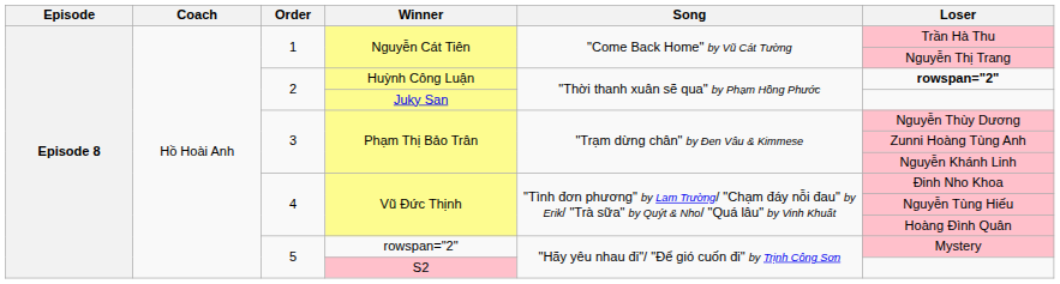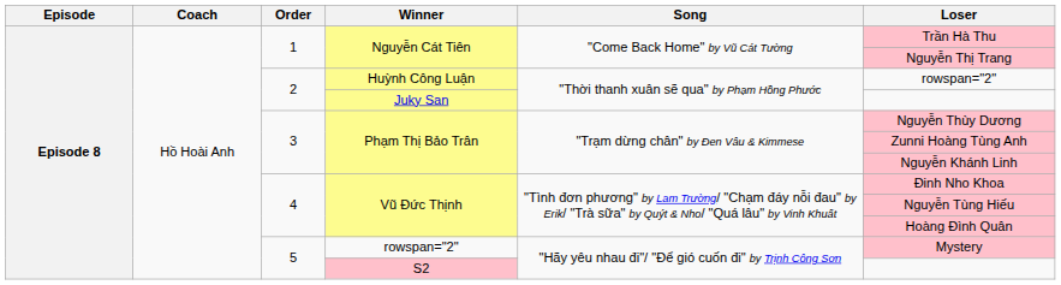 <table class="wikitable" style="text-align: center; width:80%;">
 <tr>
 <th style="width:10%;">Episode</th>
 <th style="width:10%;">Coach</th>
 <th style="width:05%;">Order</th>
 <th style="width:15%;">Winner</th>
 <th style="width:27%;">Song</th>
 <th style="width:15%;">Loser</th>
 </tr>
 <tr>
 <th rowspan="12">Episode 8<br><small></small></th>
 <td rowspan="12">Hồ Hoài Anh</td>
 <td rowspan="2">1</td>
 <td rowspan="2" style="background:#fdfc8f">Nguyễn Cát Tiên</td>
 <td rowspan="2">"Come Back Home" <small><em>by Vũ Cát Tường</em></small></td>
 <td style="background:pink">Trần Hà Thu</td>
 </tr>
 <tr>
 <td style="background:pink">Nguyễn Thị Trang</td>
 </tr>
 <tr>
 <td rowspan="2">2</td>
 <td style="background:#fdfc8f">Huỳnh Công Luận</td>
 <td rowspan="2">"Thời thanh xuân sẽ qua" <small><em>by Phạm Hồng Phước</em></small></td>
-<td><strong>rowspan="2" </strong></td>
+<td>rowspan="2" </td>
 </tr>
 <tr>
 <td style="background:#fdfc8f"><a href='#'>Juky San</a></td>
 </tr>
 <tr>
 <td rowspan="3">3</td>
 <td rowspan="3" style="background:#fdfc8f">Phạm Thị Bảo Trân</td>
 <td rowspan="3">"Trạm dừng chân" <small><em>by Đen Vâu & Kimmese</em></small></td>
 <td style="background:pink">Nguyễn Thùy Dương</td>
 </tr>
 <tr>
 <td style="background:pink">Zunni Hoàng Tùng Anh</td>
 </tr>
 <tr>
 <td style="background:pink">Nguyễn Khánh Linh</td>
 </tr>
 <tr>
 <td rowspan="3">4</td>
 <td rowspan="3" style="background:#fdfc8f">Vũ Đức Thịnh</td>
 <td rowspan="3">"Tình đơn phương" <small><em>by <a href='#'>Lam Trường</a></em></small>/ "Chạm đáy nỗi đau" <small><em>by Erik</em></small>/ "Trà sữa" <small><em>by Quýt & Nho</em></small>/ "Quá lâu" <small><em>by Vinh Khuất</em></small></td>
 <td style="background:pink">Đinh Nho Khoa</td>
 </tr>
 <tr>
 <td style="background:pink">Nguyễn Tùng Hiếu</td>
 </tr>
 <tr>
 <td style="background:pink">Hoàng Đình Quân</td>
 </tr>
 <tr>
 <td rowspan="2">5</td>
 <td>rowspan="2" </td>
 <td rowspan="2">"Hãy yêu nhau đi"/ "Để gió cuốn đi" <small><em>by <a href='#'>Trịnh Công Sơn</a></em></small></td>
 <td style="background:pink">Mystery</td>
 </tr>
 <tr>
 <td style="background:pink">S2</td>
 </tr>
 </table>
